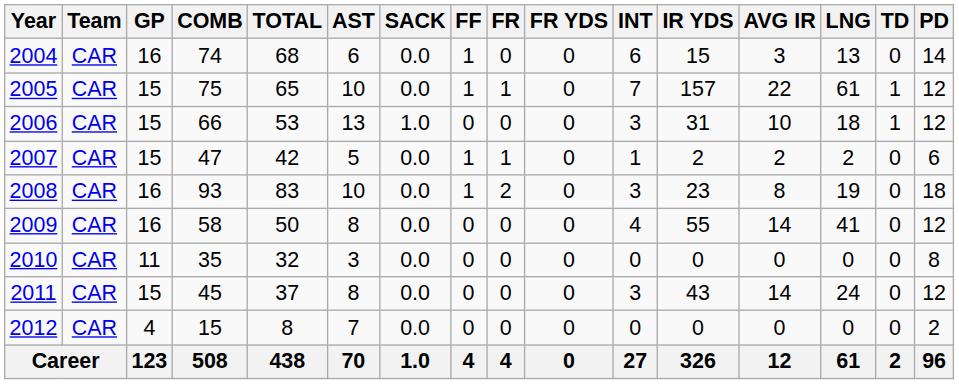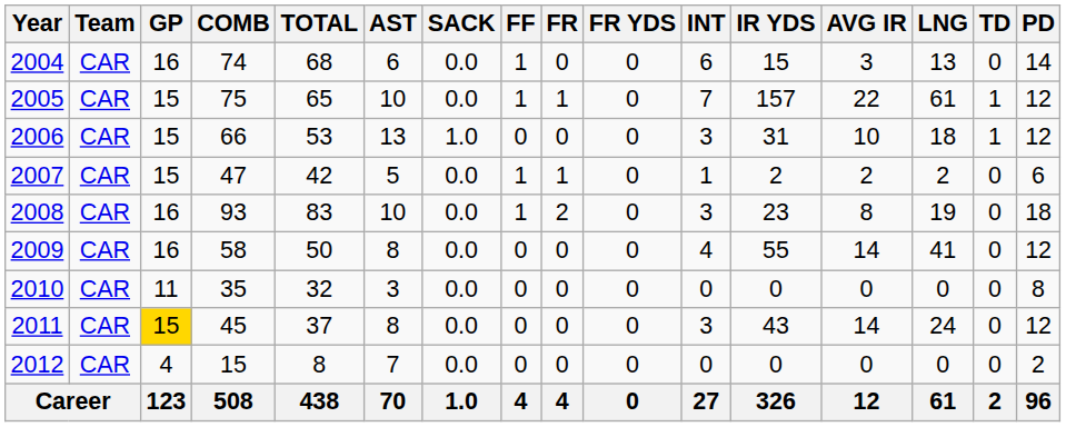 <table class="wikitable" style="text-align:center">
 <tr>
 <th>Year</th>
 <th>Team</th>
 <th>GP</th>
 <th>COMB</th>
 <th>TOTAL</th>
 <th>AST</th>
 <th>SACK</th>
 <th>FF</th>
 <th>FR</th>
 <th>FR YDS</th>
 <th>INT</th>
 <th>IR YDS</th>
 <th>AVG IR</th>
 <th>LNG</th>
 <th>TD</th>
 <th>PD</th>
 </tr>
 <tr>
 <td><a href='#'>2004</a></td>
 <td><a href='#'>CAR</a></td>
 <td>16</td>
 <td>74</td>
 <td>68</td>
 <td>6</td>
 <td>0.0</td>
 <td>1</td>
 <td>0</td>
 <td>0</td>
 <td>6</td>
 <td>15</td>
 <td>3</td>
 <td>13</td>
 <td>0</td>
 <td>14</td>
 </tr>
 <tr>
 <td><a href='#'>2005</a></td>
 <td><a href='#'>CAR</a></td>
 <td>15</td>
 <td>75</td>
 <td>65</td>
 <td>10</td>
 <td>0.0</td>
 <td>1</td>
 <td>1</td>
 <td>0</td>
 <td>7</td>
 <td>157</td>
 <td>22</td>
 <td>61</td>
 <td>1</td>
 <td>12</td>
 </tr>
 <tr>
 <td><a href='#'>2006</a></td>
 <td><a href='#'>CAR</a></td>
 <td>15</td>
 <td>66</td>
 <td>53</td>
 <td>13</td>
 <td>1.0</td>
 <td>0</td>
 <td>0</td>
 <td>0</td>
 <td>3</td>
 <td>31</td>
 <td>10</td>
 <td>18</td>
 <td>1</td>
 <td>12</td>
 </tr>
 <tr>
 <td><a href='#'>2007</a></td>
 <td><a href='#'>CAR</a></td>
 <td>15</td>
 <td>47</td>
 <td>42</td>
 <td>5</td>
 <td>0.0</td>
 <td>1</td>
 <td>1</td>
 <td>0</td>
 <td>1</td>
 <td>2</td>
 <td>2</td>
 <td>2</td>
 <td>0</td>
 <td>6</td>
 </tr>
 <tr>
 <td><a href='#'>2008</a></td>
 <td><a href='#'>CAR</a></td>
 <td>16</td>
 <td>93</td>
 <td>83</td>
 <td>10</td>
 <td>0.0</td>
 <td>1</td>
 <td>2</td>
 <td>0</td>
 <td>3</td>
 <td>23</td>
 <td>8</td>
 <td>19</td>
 <td>0</td>
 <td>18</td>
 </tr>
 <tr>
 <td><a href='#'>2009</a></td>
 <td><a href='#'>CAR</a></td>
 <td>16</td>
 <td>58</td>
 <td>50</td>
 <td>8</td>
 <td>0.0</td>
 <td>0</td>
 <td>0</td>
 <td>0</td>
 <td>4</td>
 <td>55</td>
 <td>14</td>
 <td>41</td>
 <td>0</td>
 <td>12</td>
 </tr>
 <tr>
 <td><a href='#'>2010</a></td>
 <td><a href='#'>CAR</a></td>
 <td>11</td>
 <td>35</td>
 <td>32</td>
 <td>3</td>
 <td>0.0</td>
 <td>0</td>
 <td>0</td>
 <td>0</td>
 <td>0</td>
 <td>0</td>
 <td>0</td>
 <td>0</td>
 <td>0</td>
 <td>8</td>
 </tr>
 <tr>
 <td><a href='#'>2011</a></td>
 <td><a href='#'>CAR</a></td>
-<td>15</td>
+<td style="background: gold;">15</td>
 <td>45</td>
 <td>37</td>
 <td>8</td>
 <td>0.0</td>
 <td>0</td>
 <td>0</td>
 <td>0</td>
 <td>3</td>
 <td>43</td>
 <td>14</td>
 <td>24</td>
 <td>0</td>
 <td>12</td>
 </tr>
 <tr>
 <td><a href='#'>2012</a></td>
 <td><a href='#'>CAR</a></td>
 <td>4</td>
 <td>15</td>
 <td>8</td>
 <td>7</td>
 <td>0.0</td>
 <td>0</td>
 <td>0</td>
 <td>0</td>
 <td>0</td>
 <td>0</td>
 <td>0</td>
 <td>0</td>
 <td>0</td>
 <td>2</td>
 </tr>
 <tr>
 <th colspan="2">Career</th>
 <th>123</th>
 <th>508</th>
 <th>438</th>
 <th>70</th>
 <th>1.0</th>
 <th>4</th>
 <th>4</th>
 <th>0</th>
 <th>27</th>
 <th>326</th>
 <th>12</th>
 <th>61</th>
 <th>2</th>
 <th>96</th>
 </tr>
 </table>
